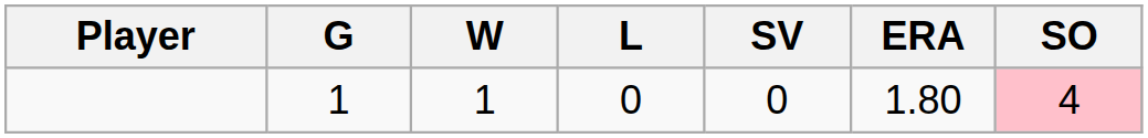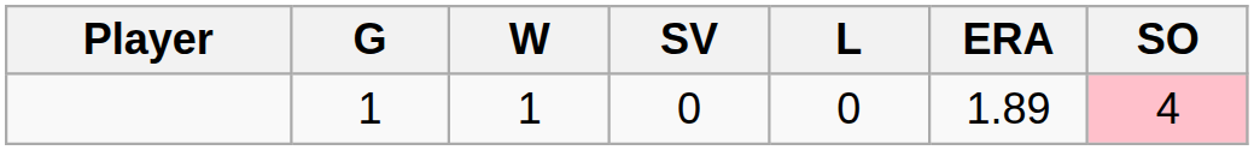 <table class="wikitable sortable">
 <tr>
 <th bgcolor="#DDDDFF" width="16%">Player</th>
 <th bgcolor="#DDDDFF" width="9%">G</th>
 <th bgcolor="#DDDDFF" width="9%">W</th>
+<th bgcolor="#DDDDFF" width="9%">SV</th>
 <th bgcolor="#DDDDFF" width="9%">L</th>
-<th bgcolor="#DDDDFF" width="9%">SV</th>
 <th bgcolor="#DDDDFF" width="9%">ERA</th>
 <th bgcolor="#DDDDFF" width="9%">SO</th>
 </tr>
 <tr align="center">
 <td></td>
 <td>1</td>
 <td>1</td>
 <td>0</td>
 <td>0</td>
-<td>1.80</td>
+<td>1.89</td>
 <td style="background: pink;">4</td>
 </tr>
 </table>
